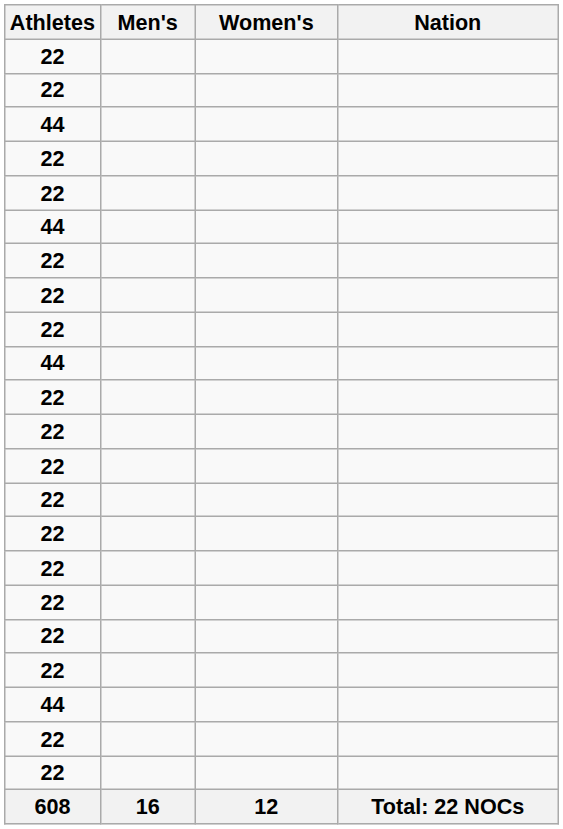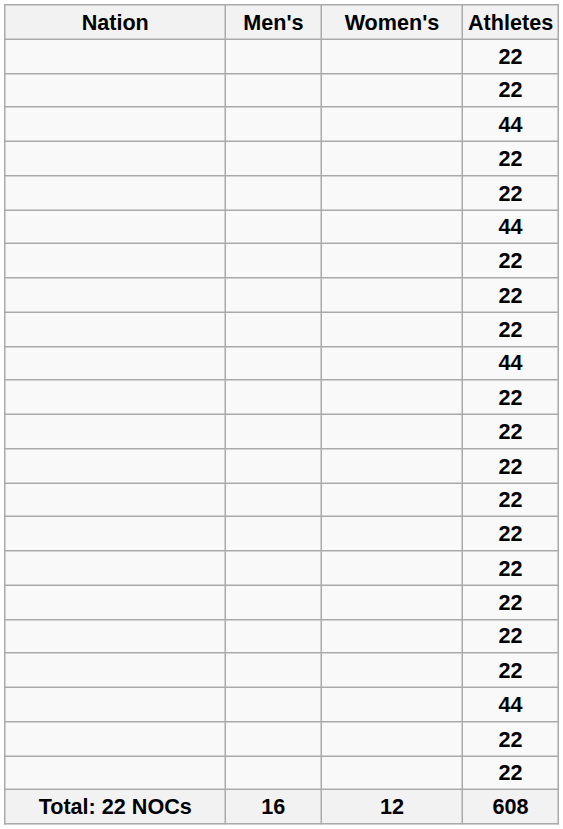 <table class="wikitable sortable" width=370 style="text-align:center; font-size:90%">
 <tr>
-<th width=55>Athletes</th>
+<th>Nation</th>
 <th>Men's</th>
 <th>Women's</th>
-<th>Nation</th>
+<th width=55>Athletes</th>
 </tr>
 <tr>
-<td><strong>22</strong></td>
+<td style="text-align:left;"></td>
 <td></td>
 <td></td>
-<td style="text-align:left;"></td>
+<td><strong>22</strong></td>
 </tr>
 <tr>
-<td><strong>22</strong></td>
+<td style="text-align:left;"></td>
 <td></td>
 <td></td>
-<td style="text-align:left;"></td>
+<td><strong>22</strong></td>
 </tr>
 <tr>
-<td><strong>44</strong></td>
+<td style="text-align:left;"></td>
 <td></td>
 <td></td>
-<td style="text-align:left;"></td>
+<td><strong>44</strong></td>
 </tr>
 <tr>
-<td><strong>22</strong></td>
+<td style="text-align:left;"></td>
 <td></td>
 <td></td>
-<td style="text-align:left;"></td>
+<td><strong>22</strong></td>
 </tr>
 <tr>
-<td><strong>22</strong></td>
+<td style="text-align:left;"></td>
 <td></td>
 <td></td>
-<td style="text-align:left;"></td>
+<td><strong>22</strong></td>
 </tr>
 <tr>
-<td><strong>44</strong></td>
+<td style="text-align:left;"></td>
 <td></td>
 <td></td>
-<td style="text-align:left;"></td>
+<td><strong>44</strong></td>
 </tr>
 <tr>
-<td><strong>22</strong></td>
+<td style="text-align:left;"></td>
 <td></td>
 <td></td>
-<td style="text-align:left;"></td>
+<td><strong>22</strong></td>
 </tr>
 <tr>
-<td><strong>22</strong></td>
+<td style="text-align:left;"></td>
 <td></td>
 <td></td>
-<td style="text-align:left;"></td>
+<td><strong>22</strong></td>
 </tr>
 <tr>
-<td><strong>22</strong></td>
+<td style="text-align:left;"></td>
 <td></td>
 <td></td>
-<td style="text-align:left;"></td>
+<td><strong>22</strong></td>
 </tr>
 <tr>
-<td><strong>44</strong></td>
+<td style="text-align:left;"></td>
 <td></td>
 <td></td>
-<td style="text-align:left;"></td>
+<td><strong>44</strong></td>
 </tr>
 <tr>
-<td><strong>22</strong></td>
+<td style="text-align:left;"></td>
 <td></td>
 <td></td>
-<td style="text-align:left;"></td>
+<td><strong>22</strong></td>
 </tr>
 <tr>
-<td><strong>22</strong></td>
+<td style="text-align:left;"></td>
 <td></td>
 <td></td>
-<td style="text-align:left;"></td>
+<td><strong>22</strong></td>
 </tr>
 <tr>
-<td><strong>22</strong></td>
+<td style="text-align:left;"></td>
 <td></td>
 <td></td>
-<td style="text-align:left;"></td>
+<td><strong>22</strong></td>
 </tr>
 <tr>
-<td><strong>22</strong></td>
+<td style="text-align:left;"></td>
 <td></td>
 <td></td>
-<td style="text-align:left;"></td>
+<td><strong>22</strong></td>
 </tr>
 <tr>
-<td><strong>22</strong></td>
+<td style="text-align:left;"></td>
 <td></td>
 <td></td>
-<td style="text-align:left;"></td>
+<td><strong>22</strong></td>
 </tr>
 <tr>
-<td><strong>22</strong></td>
+<td style="text-align:left;"></td>
 <td></td>
 <td></td>
-<td style="text-align:left;"></td>
+<td><strong>22</strong></td>
 </tr>
 <tr>
-<td><strong>22</strong></td>
+<td style="text-align:left;"></td>
 <td></td>
 <td></td>
-<td style="text-align:left;"></td>
+<td><strong>22</strong></td>
 </tr>
 <tr>
-<td><strong>22</strong></td>
+<td style="text-align:left;"></td>
 <td></td>
 <td></td>
-<td style="text-align:left;"></td>
+<td><strong>22</strong></td>
 </tr>
 <tr>
-<td><strong>22</strong></td>
+<td style="text-align:left;"></td>
 <td></td>
 <td></td>
-<td style="text-align:left;"></td>
+<td><strong>22</strong></td>
 </tr>
 <tr>
-<td><strong>44</strong></td>
+<td style="text-align:left;"></td>
 <td></td>
 <td></td>
-<td style="text-align:left;"></td>
+<td><strong>44</strong></td>
 </tr>
 <tr>
-<td><strong>22</strong></td>
+<td style="text-align:left;"></td>
 <td></td>
 <td></td>
-<td style="text-align:left;"></td>
+<td><strong>22</strong></td>
 </tr>
 <tr>
-<td><strong>22</strong></td>
+<td style="text-align:left;"></td>
 <td></td>
 <td></td>
-<td style="text-align:left;"></td>
+<td><strong>22</strong></td>
 </tr>
 <tr>
-<th>608</th>
+<th>Total: 22 NOCs</th>
 <th>16</th>
 <th>12</th>
-<th>Total: 22 NOCs</th>
+<th>608</th>
 </tr>
 </table>
